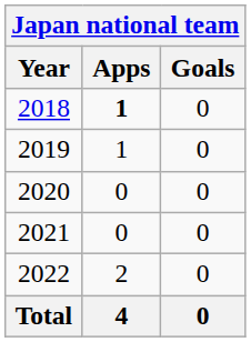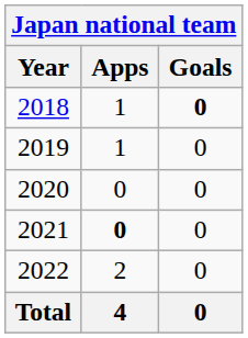 <table class="wikitable" style="text-align:center">
 <tr>
 <th colspan=3><a href='#'>Japan national team</a></th>
 </tr>
 <tr>
 <th>Year</th>
 <th>Apps</th>
 <th>Goals</th>
 </tr>
 <tr>
 <td><a href='#'>2018</a></td>
-<td><strong>1</strong></td>
-<td>0</td>
+<td>1</td>
+<td><strong>0</strong></td>
 </tr>
 <tr>
 <td>2019</td>
 <td>1</td>
 <td>0</td>
 </tr>
 <tr>
 <td>2020</td>
 <td>0</td>
 <td>0</td>
 </tr>
 <tr>
 <td>2021</td>
-<td>0</td>
+<td><strong>0</strong></td>
 <td>0</td>
 </tr>
 <tr>
 <td>2022</td>
 <td>2</td>
 <td>0</td>
 </tr>
 <tr>
 <th>Total</th>
 <th>4</th>
 <th>0</th>
 </tr>
 </table>
